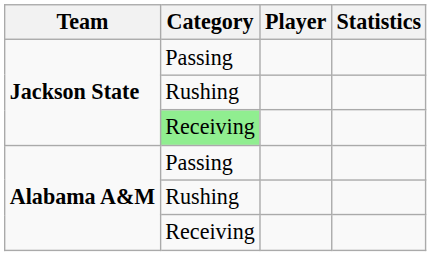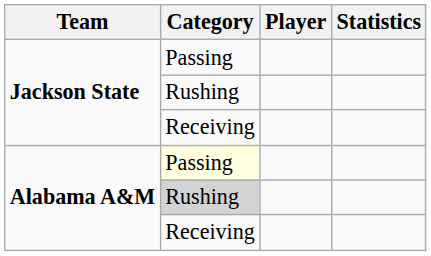 <table class="wikitable" style="float: left;">
 <tr>
 <th>Team</th>
 <th>Category</th>
 <th>Player</th>
 <th>Statistics</th>
 </tr>
 <tr>
 <td rowspan=3><strong>Jackson State</strong></td>
 <td>Passing</td>
 <td></td>
 <td> </td>
 </tr>
 <tr>
 <td>Rushing</td>
 <td></td>
 <td> </td>
 </tr>
 <tr>
-<td style="background: lightgreen;">Receiving</td>
+<td>Receiving</td>
 <td></td>
 <td> </td>
 </tr>
 <tr>
 <td rowspan=3><strong>Alabama A&M</strong></td>
-<td>Passing</td>
+<td style="background: lightyellow;">Passing</td>
 <td></td>
 <td> </td>
 </tr>
 <tr>
-<td>Rushing</td>
+<td style="background: lightgrey;">Rushing</td>
 <td></td>
 <td> </td>
 </tr>
 <tr>
 <td>Receiving</td>
 <td></td>
 <td> </td>
 </tr>
 </table>
